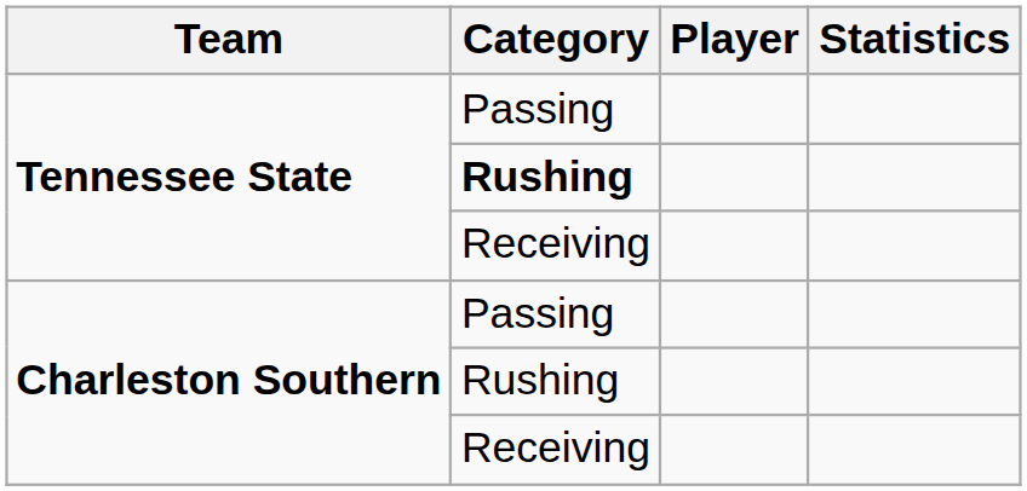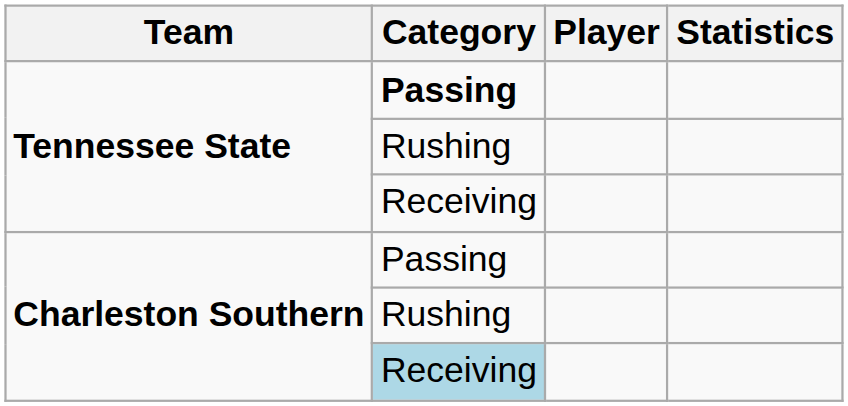 <table class="wikitable" style="float: right;">
 <tr>
 <th>Team</th>
 <th>Category</th>
 <th>Player</th>
 <th>Statistics</th>
 </tr>
 <tr>
 <td rowspan=3><strong>Tennessee State</strong></td>
-<td>Passing</td>
+<td><strong>Passing</strong></td>
 <td></td>
 <td></td>
 </tr>
 <tr>
-<td><strong>Rushing</strong></td>
+<td>Rushing</td>
 <td></td>
 <td></td>
 </tr>
 <tr>
 <td>Receiving</td>
 <td></td>
 <td></td>
 </tr>
 <tr>
 <td rowspan=3><strong>Charleston Southern</strong></td>
 <td>Passing</td>
 <td></td>
 <td></td>
 </tr>
 <tr>
 <td>Rushing</td>
 <td></td>
 <td></td>
 </tr>
 <tr>
-<td>Receiving</td>
+<td style="background: lightblue;">Receiving</td>
 <td></td>
 <td></td>
 </tr>
 </table>
